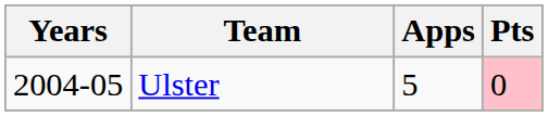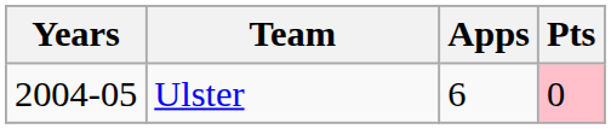 <table class="wikitable" style="text-align:left;">
 <tr>
 <th>Years</th>
 <th width=120px>Team</th>
 <th>Apps</th>
 <th>Pts</th>
 </tr>
 <tr>
 <td>2004-05</td>
 <td><a href='#'>Ulster</a></td>
-<td>5</td>
+<td>6</td>
 <td style="background: pink;">0</td>
 </tr>
 </table>
